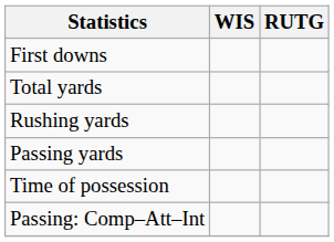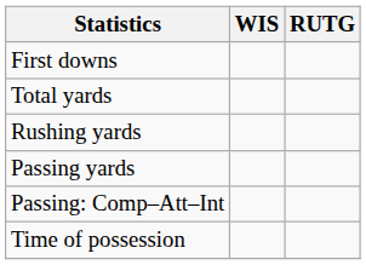 <table class="wikitable" style="float: left;">
 <tr>
 <th>Statistics</th>
 <th>WIS</th>
 <th>RUTG</th>
 </tr>
 <tr>
 <td>First downs</td>
 <td></td>
 <td></td>
 </tr>
 <tr>
 <td>Total yards</td>
 <td></td>
 <td></td>
 </tr>
 <tr>
 <td>Rushing yards</td>
 <td></td>
 <td></td>
 </tr>
 <tr>
 <td>Passing yards</td>
 <td></td>
 <td></td>
 </tr>
 <tr>
-<td>Time of possession</td>
+<td>Passing: Comp–Att–Int</td>
 <td></td>
 <td></td>
 </tr>
 <tr>
-<td>Passing: Comp–Att–Int</td>
+<td>Time of possession</td>
 <td></td>
 <td></td>
 </tr>
 <tr>
 </tr>
 </table>
